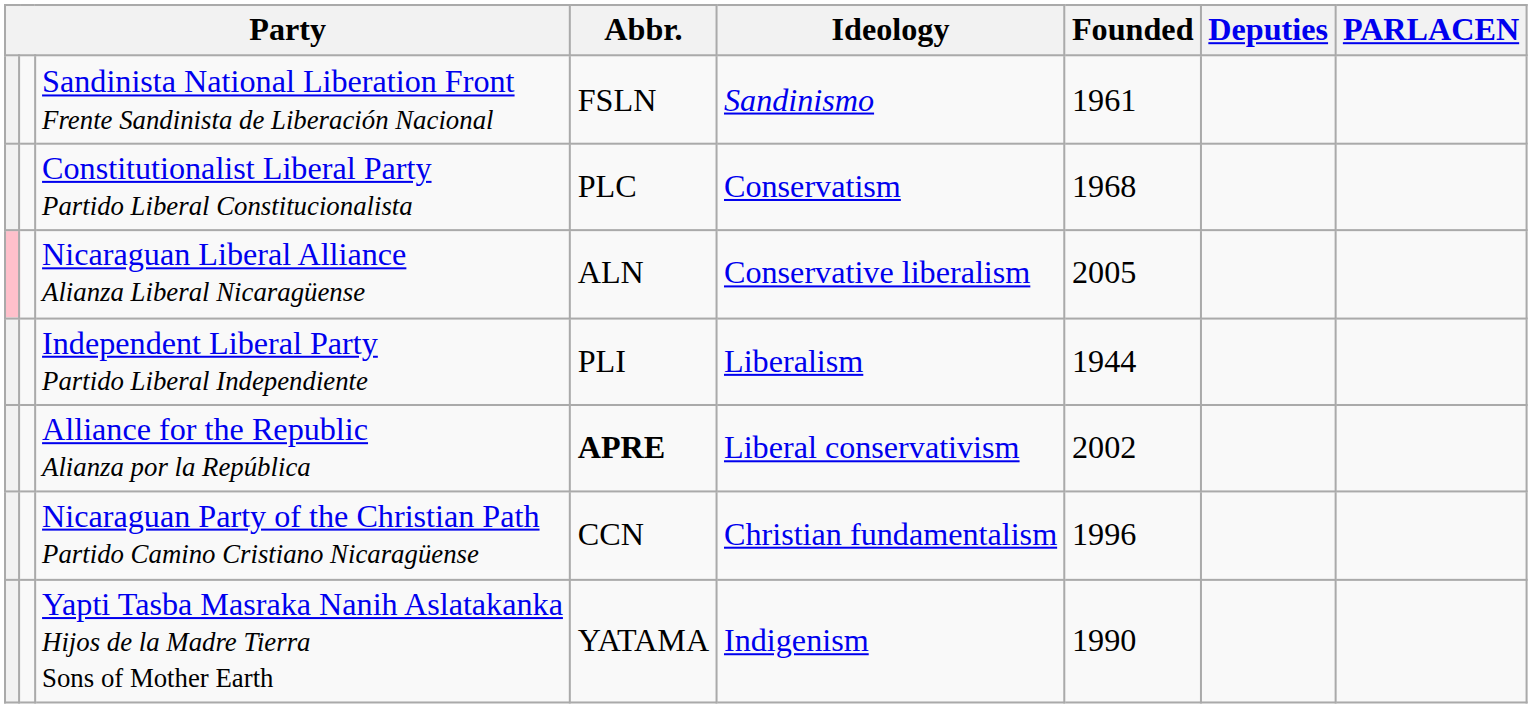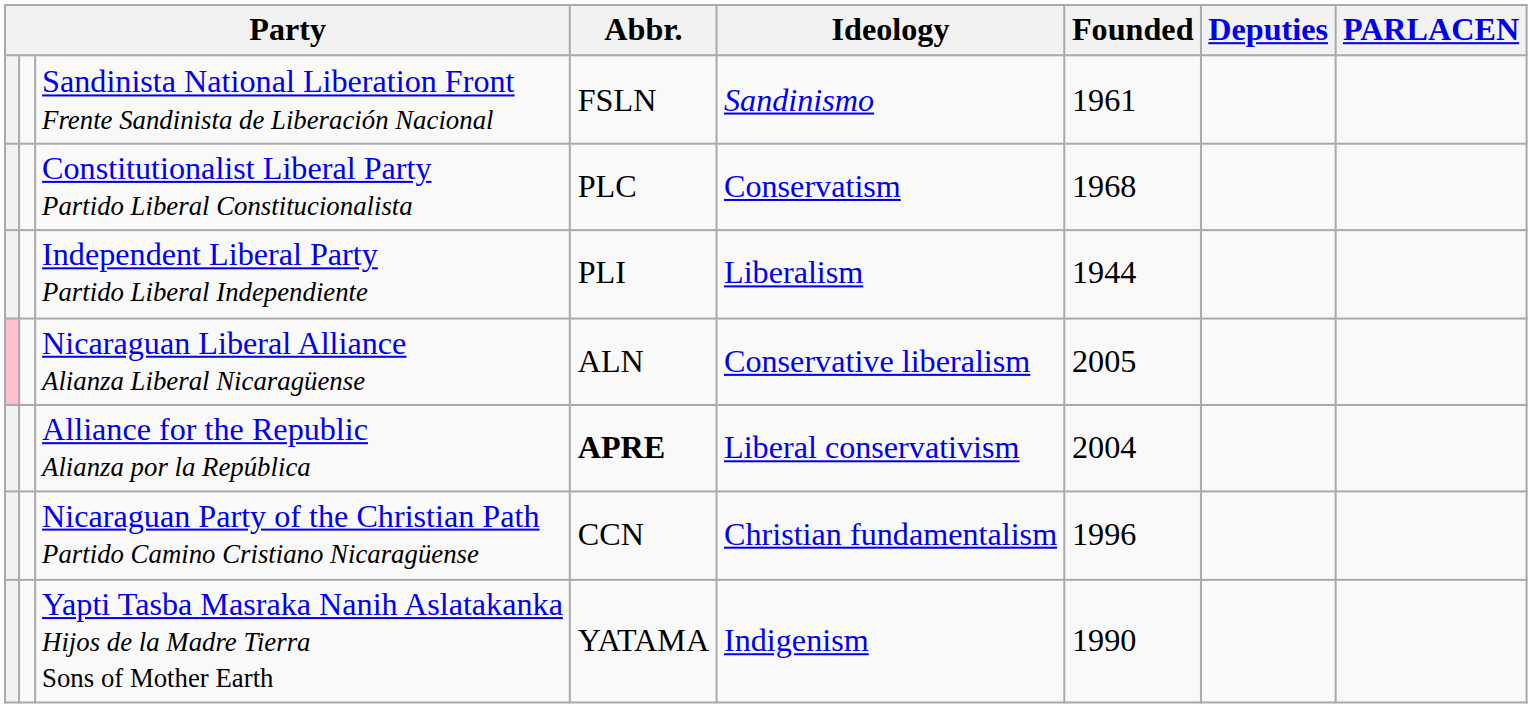 <table class="wikitable sortable">
 <tr>
 <th colspan=3>Party</th>
 <th>Abbr.</th>
 <th>Ideology</th>
 <th>Founded</th>
 <th><a href='#'>Deputies</a></th>
 <th><a href='#'>PARLACEN</a></th>
 </tr>
 <tr>
 <th style="background-color: "></th>
 <td></td>
 <td><a href='#'>Sandinista National Liberation Front</a><br><small><em>Frente Sandinista de Liberación Nacional</em></small></td>
 <td>FSLN</td>
 <td><em><a href='#'>Sandinismo</a></em></td>
 <td>1961</td>
 <td></td>
 <td></td>
 </tr>
 <tr>
 <th style="background-color: "></th>
 <td></td>
 <td><a href='#'>Constitutionalist Liberal Party</a><br><small><em>Partido Liberal Constitucionalista</em></small></td>
 <td>PLC</td>
 <td><a href='#'>Conservatism</a></td>
 <td>1968</td>
 <td></td>
 <td></td>
 </tr>
 <tr>
+<th style="background-color: "></th>
+<td></td>
+<td><a href='#'>Independent Liberal Party</a><br><small><em>Partido Liberal Independiente</em></small></td>
+<td>PLI</td>
+<td><a href='#'>Liberalism</a></td>
+<td>1944</td>
+<td></td>
+<td></td>
+</tr>
+<tr>
 <th style="background-color: #FFC0CB"></th>
 <td></td>
 <td><a href='#'>Nicaraguan Liberal Alliance</a><br><small><em>Alianza Liberal Nicaragüense</em></small></td>
 <td>ALN</td>
 <td><a href='#'>Conservative liberalism</a></td>
 <td>2005</td>
 <td></td>
 <td></td>
 </tr>
 <tr>
 <th style="background-color: "></th>
 <td></td>
-<td><a href='#'>Independent Liberal Party</a><br><small><em>Partido Liberal Independiente</em></small></td>
-<td>PLI</td>
-<td><a href='#'>Liberalism</a></td>
-<td>1944</td>
-<td></td>
-<td></td>
-</tr>
-<tr>
-<th style="background-color: "></th>
-<td></td>
 <td><a href='#'>Alliance for the Republic</a><br><small><em>Alianza por la República</em></small></td>
 <td><strong>APRE</strong></td>
 <td><a href='#'>Liberal conservativism</a></td>
-<td>2002</td>
+<td>2004</td>
 <td></td>
 <td></td>
 </tr>
 <tr>
 <th style="background-color: "></th>
 <td></td>
 <td><a href='#'>Nicaraguan Party of the Christian Path</a><br><small><em>Partido Camino Cristiano Nicaragüense</em></small></td>
 <td>CCN</td>
 <td><a href='#'>Christian fundamentalism</a></td>
 <td>1996</td>
 <td></td>
 <td></td>
 </tr>
 <tr>
 <th style="background-color: "></th>
 <td></td>
 <td><a href='#'>Yapti Tasba Masraka Nanih Aslatakanka</a><br><small><em>Hijos de la Madre Tierra</em></small><br><small>Sons of Mother Earth</small></td>
 <td>YATAMA</td>
 <td><a href='#'>Indigenism</a></td>
 <td>1990</td>
 <td></td>
 <td></td>
 </tr>
 </table>
